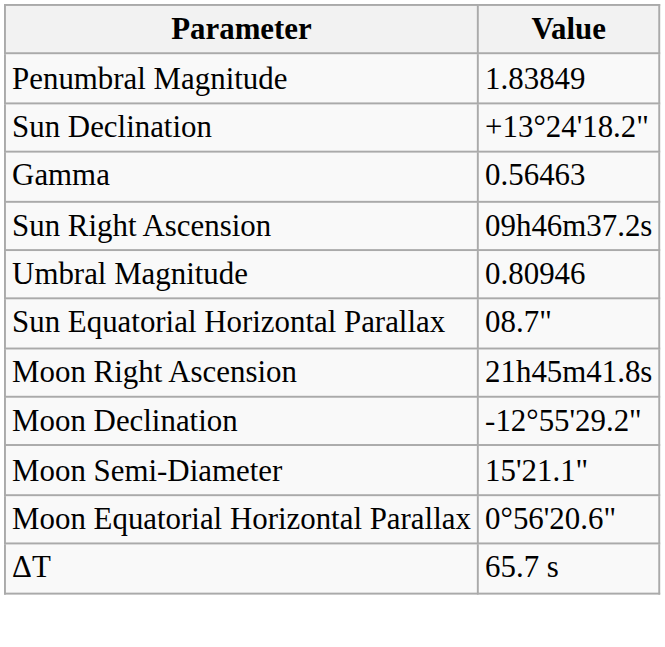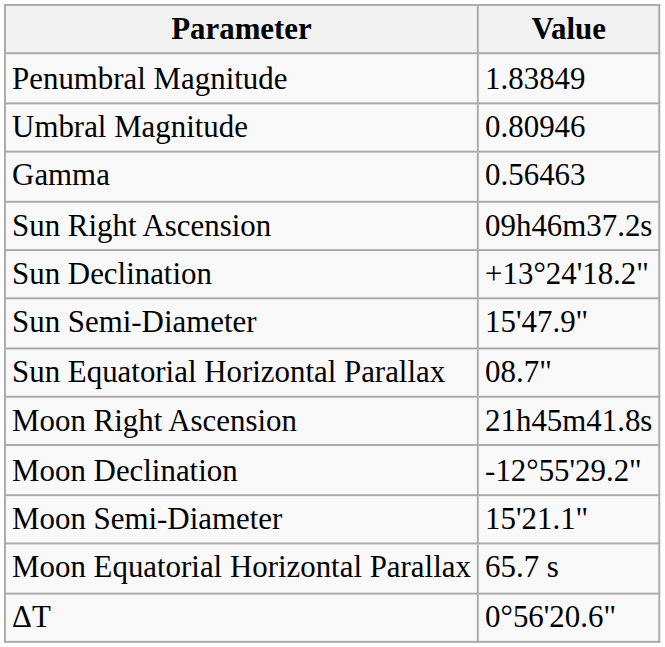 <table class="wikitable">
 <tr>
 <th>Parameter</th>
 <th>Value</th>
 </tr>
 <tr>
 <td>Penumbral Magnitude</td>
 <td>1.83849</td>
 </tr>
 <tr>
-<td>Sun Declination</td>
-<td>+13°24'18.2"</td>
+<td>Umbral Magnitude</td>
+<td>0.80946</td>
 </tr>
 <tr>
 <td>Gamma</td>
 <td>0.56463</td>
 </tr>
 <tr>
 <td>Sun Right Ascension</td>
 <td>09h46m37.2s</td>
 </tr>
 <tr>
-<td>Umbral Magnitude</td>
-<td>0.80946</td>
+<td>Sun Declination</td>
+<td>+13°24'18.2"</td>
+</tr>
+<tr>
+<td>Sun Semi-Diameter</td>
+<td>15'47.9"</td>
 </tr>
 <tr>
 <td>Sun Equatorial Horizontal Parallax</td>
 <td>08.7"</td>
 </tr>
 <tr>
 <td>Moon Right Ascension</td>
 <td>21h45m41.8s</td>
 </tr>
 <tr>
 <td>Moon Declination</td>
 <td>-12°55'29.2"</td>
 </tr>
 <tr>
 <td>Moon Semi-Diameter</td>
 <td>15'21.1"</td>
 </tr>
 <tr>
 <td>Moon Equatorial Horizontal Parallax</td>
-<td>0°56'20.6"</td>
+<td>65.7 s</td>
 </tr>
 <tr>
 <td>ΔT</td>
-<td>65.7 s</td>
+<td>0°56'20.6"</td>
 </tr>
 </table>
